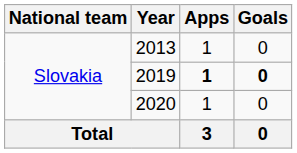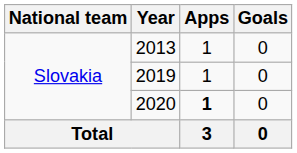 <table class=wikitable style=text-align:center>
 <tr>
 <th>National team</th>
 <th>Year</th>
 <th>Apps</th>
 <th>Goals</th>
 </tr>
 <tr>
 <td rowspan=3><a href='#'>Slovakia</a></td>
 <td>2013</td>
 <td>1</td>
 <td>0</td>
 </tr>
 <tr>
 <td>2019</td>
-<td><strong>1</strong></td>
-<td><strong>0</strong></td>
+<td>1</td>
+<td>0</td>
 </tr>
 <tr>
 <td>2020</td>
-<td>1</td>
+<td><strong>1</strong></td>
 <td>0</td>
 </tr>
 <tr>
 <th colspan=2>Total</th>
 <th>3</th>
 <th>0</th>
 </tr>
 </table>
